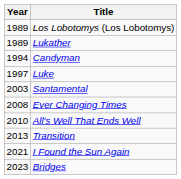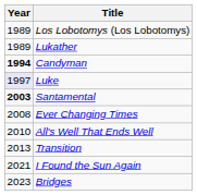 <table class="wikitable">
 <tr>
 <th>Year</th>
 <th>Title</th>
 </tr>
 <tr>
 <td>1989</td>
 <td><em>Los Lobotomys</em> (Los Lobotomys)</td>
 </tr>
 <tr>
 <td>1989</td>
 <td><em><a href='#'>Lukather</a></em></td>
 </tr>
 <tr>
-<td>1994</td>
+<td><strong>1994</strong></td>
 <td><a href='#'><em>Candyman</em></a></td>
 </tr>
 <tr>
-<td>1997</td>
+<td style="background: lavender;">1997</td>
 <td><a href='#'><em>Luke</em></a></td>
 </tr>
 <tr>
-<td>2003</td>
+<td><strong>2003</strong></td>
 <td><em><a href='#'>Santamental</a></em></td>
 </tr>
 <tr>
 <td>2008</td>
 <td><em><a href='#'>Ever Changing Times</a></em></td>
 </tr>
 <tr>
 <td>2010</td>
 <td><a href='#'><em>All's Well That Ends Well</em></a></td>
 </tr>
 <tr>
 <td>2013</td>
 <td><a href='#'><em>Transition</em></a></td>
 </tr>
 <tr>
 <td>2021</td>
 <td><em><a href='#'>I Found the Sun Again</a></em></td>
 </tr>
 <tr>
 <td>2023</td>
 <td><em><a href='#'>Bridges</a></em></td>
 </tr>
 </table>
